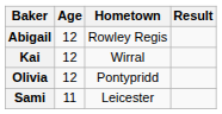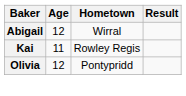 <table class="wikitable sortable" style="display:inline-table; text-align:center">
 <tr>
 <th scope="col">Baker</th>
 <th scope="col">Age</th>
 <th scope="col">Hometown</th>
 <th scope="col">Result</th>
 </tr>
 <tr>
 <th scope="row">Abigail</th>
 <td>12</td>
-<td>Rowley Regis</td>
+<td>Wirral</td>
 <td></td>
 </tr>
 <tr>
 <th scope="row">Kai</th>
-<td>12</td>
-<td>Wirral</td>
+<td>11</td>
+<td>Rowley Regis</td>
 <td></td>
 </tr>
 <tr>
 <th scope="row">Olivia</th>
 <td>12</td>
 <td>Pontypridd</td>
 <td></td>
 </tr>
-<tr>
-<th scope="row">Sami</th>
-<td>11</td>
-<td>Leicester</td>
-<td></td>
-</tr>
 </table>
